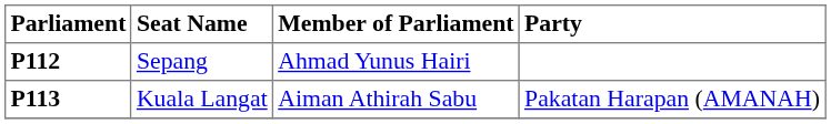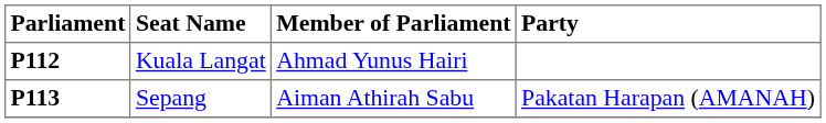 <table class="toccolours sortable" border="1" cellpadding="3" style="border-collapse:collapse; text-align: left;">
 <tr>
 <th align="center">Parliament</th>
 <th>Seat Name</th>
 <th>Member of Parliament</th>
 <th>Party</th>
 </tr>
 <tr>
 <th align="left">P112</th>
-<td><a href='#'>Sepang</a></td>
+<td><a href='#'>Kuala Langat</a></td>
 <td><a href='#'>Ahmad Yunus Hairi</a></td>
 <td></td>
 </tr>
 <tr>
 <th align="left">P113</th>
-<td><a href='#'>Kuala Langat</a></td>
+<td><a href='#'>Sepang</a></td>
 <td><a href='#'>Aiman Athirah Sabu</a></td>
 <td><a href='#'>Pakatan Harapan</a> (<a href='#'>AMANAH</a>)</td>
 </tr>
 <tr>
 </tr>
 </table>
